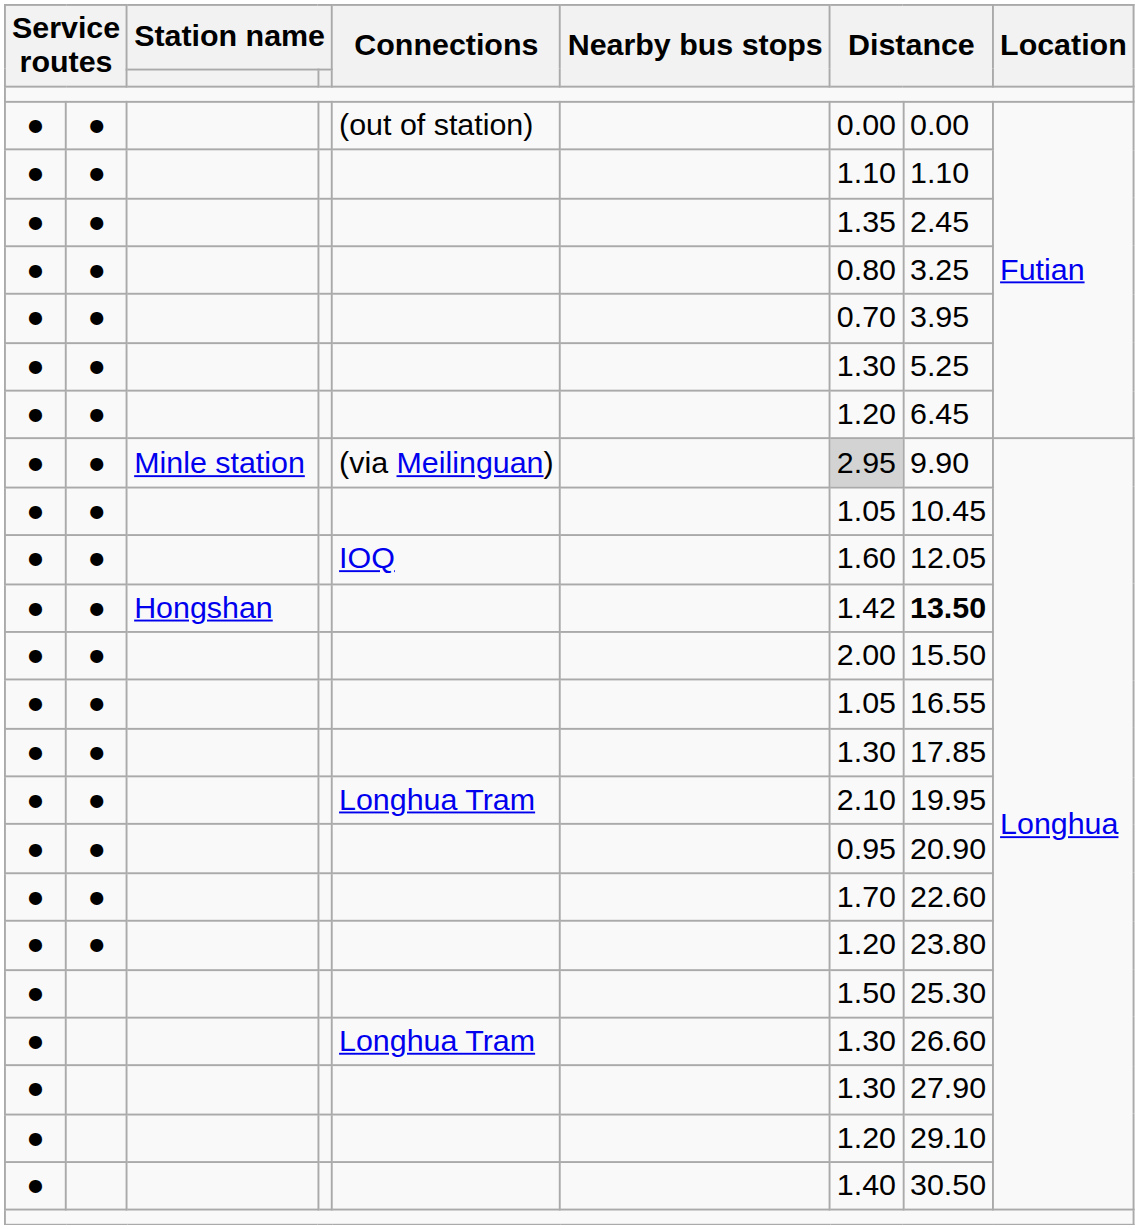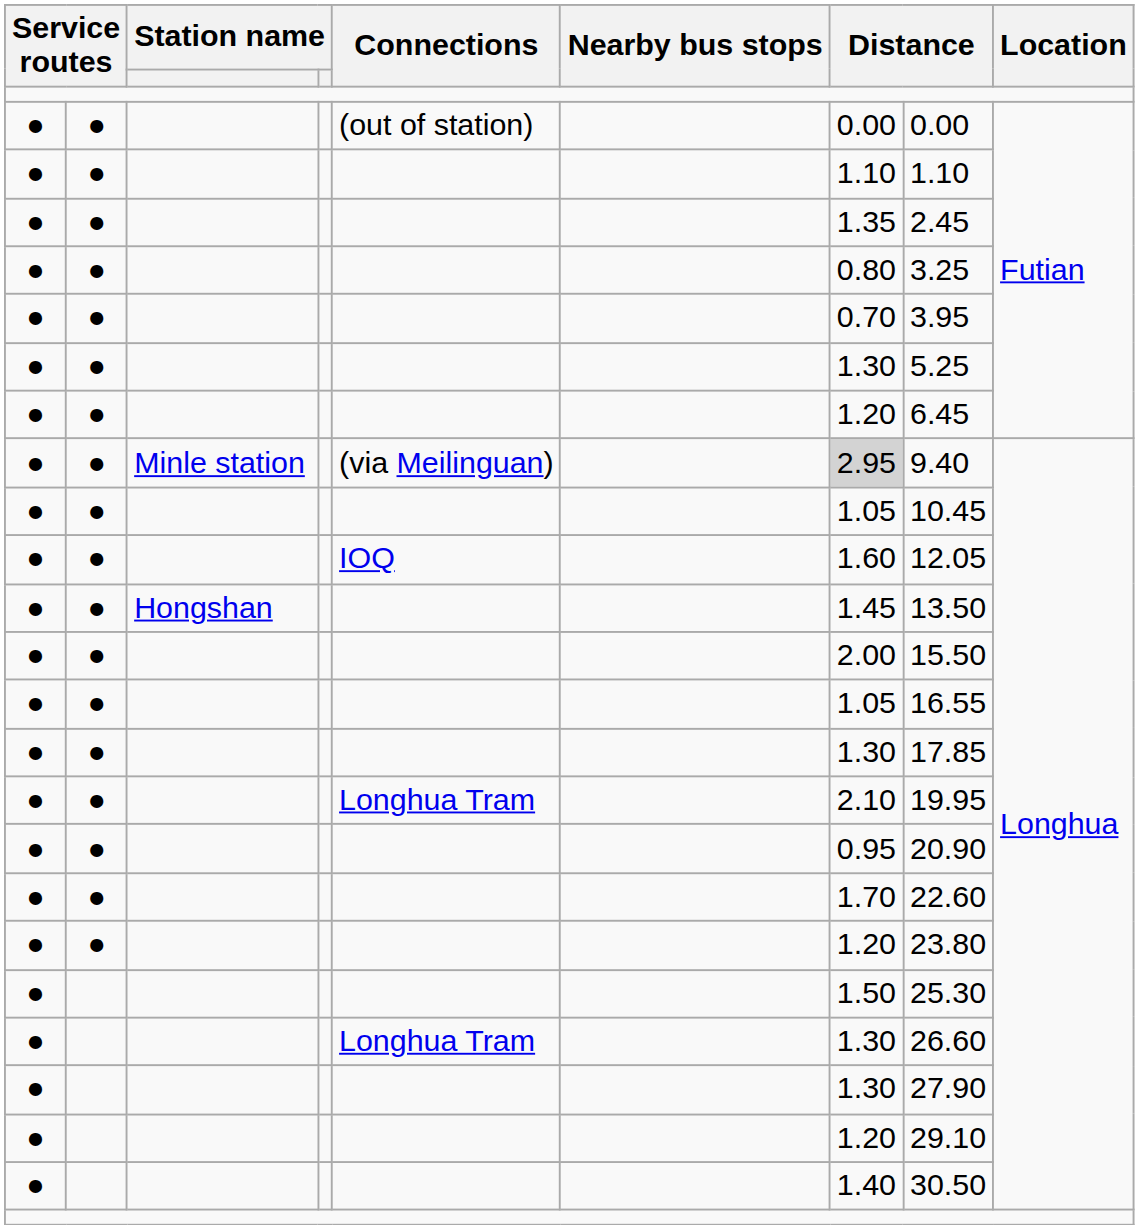 <table class="wikitable">
 <tr>
 <th rowspan="2" colspan="2">Service<br>routes</th>
 <th colspan="2">Station name</th>
 <th rowspan="2">Connections</th>
 <th rowspan="2">Nearby bus stops</th>
 <th colspan="2" rowspan="2">Distance<br></th>
 <th rowspan="2">Location</th>
 </tr>
 <tr>
 <th></th>
 <th></th>
 </tr>
 <tr style="background:#">
 <td colspan = "10"></td>
 </tr>
 <tr>
 <td align="center">●</td>
 <td align="center">●</td>
 <td></td>
 <td></td>
 <td> (out of station)<br> </td>
 <td></td>
 <td>0.00</td>
 <td>0.00</td>
 <td rowspan=7><a href='#'>Futian</a></td>
 </tr>
 <tr>
 <td align="center">●</td>
 <td align="center">●</td>
 <td></td>
 <td></td>
 <td> </td>
 <td></td>
 <td>1.10</td>
 <td>1.10</td>
 </tr>
 <tr>
 <td align="center">●</td>
 <td align="center">●</td>
 <td></td>
 <td></td>
 <td></td>
 <td></td>
 <td>1.35</td>
 <td>2.45</td>
 </tr>
 <tr>
 <td align="center">●</td>
 <td align="center">●</td>
 <td></td>
 <td></td>
 <td></td>
 <td></td>
 <td>0.80</td>
 <td>3.25</td>
 </tr>
 <tr>
 <td align="center">●</td>
 <td align="center">●</td>
 <td></td>
 <td></td>
 <td></td>
 <td></td>
 <td>0.70</td>
 <td>3.95</td>
 </tr>
 <tr>
 <td align="center">●</td>
 <td align="center">●</td>
 <td></td>
 <td></td>
 <td></td>
 <td></td>
 <td>1.30</td>
 <td>5.25</td>
 </tr>
 <tr>
 <td align="center">●</td>
 <td align="center">●</td>
 <td></td>
 <td></td>
 <td></td>
 <td></td>
 <td>1.20</td>
 <td>6.45</td>
 </tr>
 <tr>
 <td align="center">●</td>
 <td align="center">●</td>
 <td><a href='#'>Minle station</a></td>
 <td></td>
 <td> (via <a href='#'>Meilinguan</a>)</td>
 <td></td>
 <td style="background: lightgrey;">2.95</td>
-<td>9.90</td>
+<td>9.40</td>
 <td rowspan=16><a href='#'>Longhua</a></td>
 </tr>
 <tr>
 <td align="center">●</td>
 <td align="center">●</td>
 <td></td>
 <td></td>
 <td></td>
 <td></td>
 <td>1.05</td>
 <td>10.45</td>
 </tr>
 <tr>
 <td align="center">●</td>
 <td align="center">●</td>
 <td></td>
 <td></td>
 <td>     <a href='#'>IOQ</a></td>
 <td></td>
 <td>1.60</td>
 <td>12.05</td>
 </tr>
 <tr>
 <td align="center">●</td>
 <td align="center">●</td>
 <td><a href='#'>Hongshan</a></td>
 <td></td>
 <td></td>
 <td></td>
-<td>1.42</td>
-<td><strong>13.50</strong></td>
+<td>1.45</td>
+<td>13.50</td>
 </tr>
 <tr>
 <td align="center">●</td>
 <td align="center">●</td>
 <td></td>
 <td></td>
 <td></td>
 <td></td>
 <td>2.00</td>
 <td>15.50</td>
 </tr>
 <tr>
 <td align="center">●</td>
 <td align="center">●</td>
 <td></td>
 <td></td>
 <td></td>
 <td></td>
 <td>1.05</td>
 <td>16.55</td>
 </tr>
 <tr>
 <td align="center">●</td>
 <td align="center">●</td>
 <td></td>
 <td></td>
 <td></td>
 <td></td>
 <td>1.30</td>
 <td>17.85</td>
 </tr>
 <tr>
 <td align="center">●</td>
 <td align="center">●</td>
 <td></td>
 <td></td>
 <td> <a href='#'>Longhua Tram</a></td>
 <td></td>
 <td>2.10</td>
 <td>19.95</td>
 </tr>
 <tr>
 <td align="center">●</td>
 <td align="center">●</td>
 <td></td>
 <td></td>
 <td align="center"></td>
 <td></td>
 <td>0.95</td>
 <td>20.90</td>
 </tr>
 <tr>
 <td align="center">●</td>
 <td align="center">●</td>
 <td></td>
 <td></td>
 <td></td>
 <td></td>
 <td>1.70</td>
 <td>22.60</td>
 </tr>
 <tr>
 <td align="center">●</td>
 <td align="center">●</td>
 <td></td>
 <td></td>
 <td></td>
 <td></td>
 <td>1.20</td>
 <td>23.80</td>
 </tr>
 <tr>
 <td align="center">●</td>
 <td align="center"></td>
 <td></td>
 <td></td>
 <td></td>
 <td></td>
 <td>1.50</td>
 <td>25.30</td>
 </tr>
 <tr>
 <td align="center">●</td>
 <td align="center"></td>
 <td></td>
 <td></td>
 <td> <a href='#'>Longhua Tram</a></td>
 <td></td>
 <td>1.30</td>
 <td>26.60</td>
 </tr>
 <tr>
 <td align="center">●</td>
 <td align="center"></td>
 <td></td>
 <td></td>
 <td></td>
 <td></td>
 <td>1.30</td>
 <td>27.90</td>
 </tr>
 <tr>
 <td align="center">●</td>
 <td align="center"></td>
 <td></td>
 <td></td>
 <td></td>
 <td></td>
 <td>1.20</td>
 <td>29.10</td>
 </tr>
 <tr>
 <td align="center">●</td>
 <td align="center"></td>
 <td></td>
 <td></td>
 <td></td>
 <td></td>
 <td>1.40</td>
 <td>30.50</td>
 </tr>
 <tr style="background:#">
 <td colspan = "10"></td>
 </tr>
 </table>
